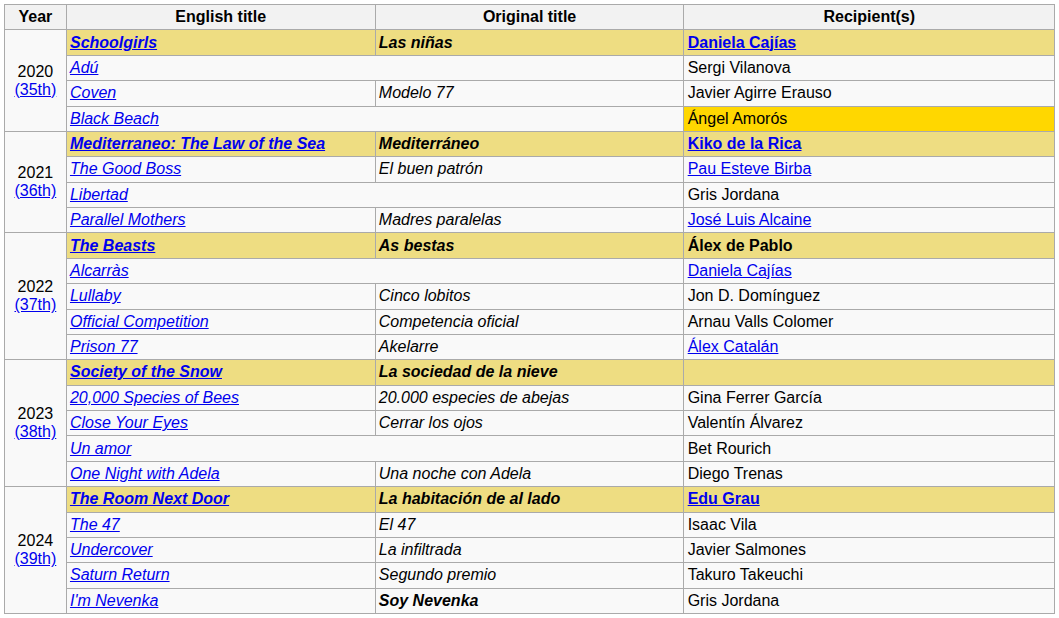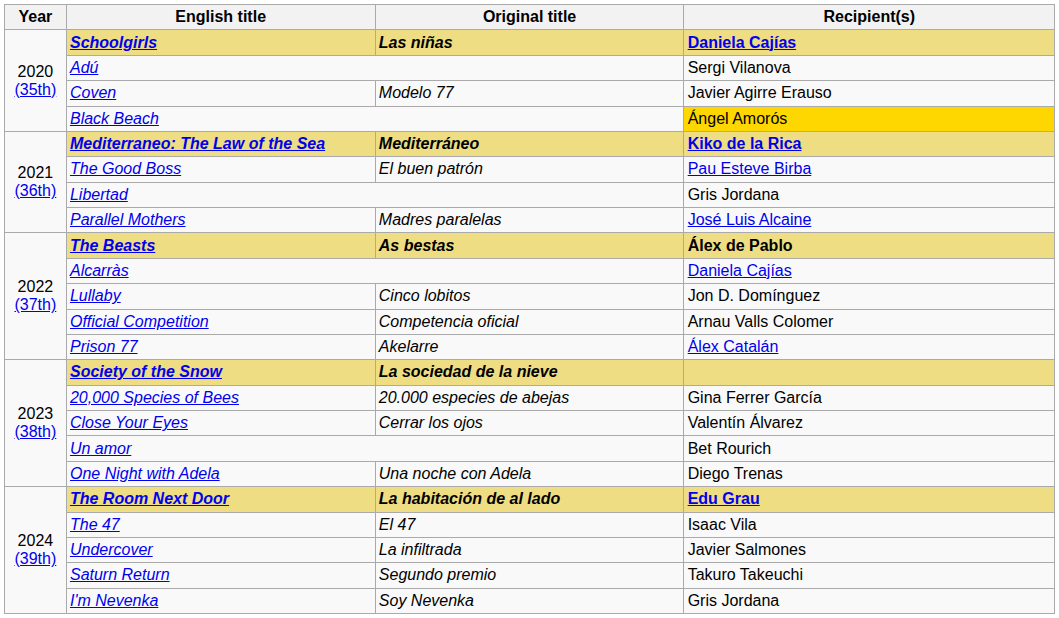 <table class="wikitable sortable" style="text-align:left;"style="width:95%">
 <tr>
 <th scope="col" style="width:5%;">Year</th>
 <th scope="col" style="width:25%;">English title</th>
 <th scope="col" style="width:25%;">Original title</th>
 <th scope="col" style="width:30%;">Recipient(s)</th>
 </tr>
 <tr>
 <td rowspan="4" style="text-align:center;">2020<br><a href='#'>(35th)</a><br></td>
 <td style="background:#eedd82;"><strong><em><a href='#'>Schoolgirls</a></em></strong></td>
 <td style="background:#eedd82;"><strong><em>Las niñas</em></strong></td>
 <td style="background:#eedd82;"><strong><a href='#'>Daniela Cajías</a></strong></td>
 </tr>
 <tr>
 <td colspan="2"><em><a href='#'>Adú</a></em></td>
 <td>Sergi Vilanova</td>
 </tr>
 <tr>
 <td><em><a href='#'>Coven</a></em></td>
 <td><em>Modelo 77</em></td>
 <td>Javier Agirre Erauso</td>
 </tr>
 <tr>
 <td colspan="2"><em><a href='#'>Black Beach</a></em></td>
 <td style="background: gold;">Ángel Amorós</td>
 </tr>
 <tr>
 <td rowspan="4" style="text-align:center;">2021<br><a href='#'>(36th)</a><br></td>
 <td style="background:#eedd82;"><strong><em><a href='#'>Mediterraneo: The Law of the Sea</a></em></strong></td>
 <td style="background:#eedd82;"><strong><em>Mediterráneo</em></strong></td>
 <td style="background:#eedd82;"><strong><a href='#'>Kiko de la Rica</a></strong></td>
 </tr>
 <tr>
 <td><em><a href='#'>The Good Boss</a></em></td>
 <td><em>El buen patrón</em></td>
 <td><a href='#'>Pau Esteve Birba</a></td>
 </tr>
 <tr>
 <td colspan="2"><em><a href='#'>Libertad</a></em></td>
 <td>Gris Jordana</td>
 </tr>
 <tr>
 <td><em><a href='#'>Parallel Mothers</a></em></td>
 <td><em>Madres paralelas</em></td>
 <td><a href='#'>José Luis Alcaine</a></td>
 </tr>
 <tr>
 <td rowspan="5" style="text-align:center;">2022<br><a href='#'>(37th)</a><br></td>
 <td style="background:#eedd82;"><strong><em><a href='#'>The Beasts</a></em></strong></td>
 <td style="background:#eedd82;"><strong><em>As bestas</em></strong></td>
 <td style="background:#eedd82;"><strong>Álex de Pablo</strong></td>
 </tr>
 <tr>
 <td colspan="2"><em><a href='#'>Alcarràs</a></em></td>
 <td><a href='#'>Daniela Cajías</a></td>
 </tr>
 <tr>
 <td><em><a href='#'>Lullaby</a></em></td>
 <td><em>Cinco lobitos</em></td>
 <td>Jon D. Domínguez</td>
 </tr>
 <tr>
 <td><em><a href='#'>Official Competition</a></em></td>
 <td><em>Competencia oficial</em></td>
 <td>Arnau Valls Colomer</td>
 </tr>
 <tr>
 <td><em><a href='#'>Prison 77</a></em></td>
 <td><em>Akelarre</em></td>
 <td><a href='#'>Álex Catalán</a></td>
 </tr>
 <tr>
 <td rowspan="5" style="text-align:center;">2023<br><a href='#'>(38th)</a><br></td>
 <td style="background:#eedd82;"><strong><em><a href='#'>Society of the Snow</a></em></strong></td>
 <td style="background:#eedd82;"><strong><em>La sociedad de la nieve</em></strong></td>
 <td style="background:#eedd82;"><strong></strong></td>
 </tr>
 <tr>
 <td><em><a href='#'>20,000 Species of Bees</a></em></td>
 <td><em>20.000 especies de abejas</em></td>
 <td>Gina Ferrer García</td>
 </tr>
 <tr>
 <td><em><a href='#'>Close Your Eyes</a></em></td>
 <td><em>Cerrar los ojos</em></td>
 <td>Valentín Álvarez</td>
 </tr>
 <tr>
 <td colspan="2"><em><a href='#'>Un amor</a></em></td>
 <td>Bet Rourich</td>
 </tr>
 <tr>
 <td><em><a href='#'>One Night with Adela</a></em></td>
 <td><em>Una noche con Adela</em></td>
 <td>Diego Trenas</td>
 </tr>
 <tr>
 </tr>
 <tr>
 <td rowspan="5" style="text-align:center;">2024<br><a href='#'>(39th)</a><br></td>
 <td style="background:#eedd82;"><strong><em><a href='#'>The Room Next Door</a></em></strong></td>
 <td style="background:#eedd82;"><strong><em>La habitación de al lado</em></strong></td>
 <td style="background:#eedd82;"><strong><a href='#'>Edu Grau</a></strong></td>
 </tr>
 <tr>
 <td><em><a href='#'>The 47</a></em></td>
 <td><em>El 47</em></td>
 <td>Isaac Vila</td>
 </tr>
 <tr>
 <td><em><a href='#'>Undercover</a></em></td>
 <td><em>La infiltrada</em></td>
 <td>Javier Salmones</td>
 </tr>
 <tr>
 <td><em><a href='#'>Saturn Return</a></em></td>
 <td><em>Segundo premio</em></td>
 <td>Takuro Takeuchi</td>
 </tr>
 <tr>
 <td><em><a href='#'>I'm Nevenka</a></em></td>
-<td><strong><em>Soy Nevenka</em></strong></td>
+<td><em>Soy Nevenka</em></td>
 <td>Gris Jordana</td>
 </tr>
 <tr>
 </tr>
 </table>
